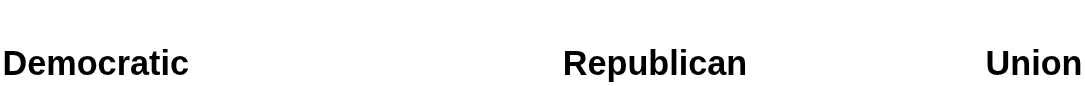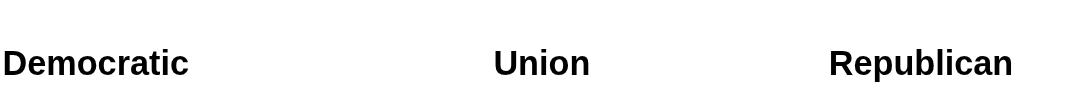 <table style="width:70%; text-align:center">
 <tr style="color:white">
 <td style="background:"><strong>44</strong></td>
 <td style="background:"><strong>1</strong></td>
+<td style="background:"><strong>30</strong></td>
 <td style="background:"><strong>108</strong></td>
-<td style="background:"><strong>30</strong></td>
 </tr>
 <tr>
 <td><span><strong>Democratic</strong></span></td>
 <td></td>
+<td><span><strong>Union</strong></span></td>
 <td><span><strong>Republican</strong></span></td>
-<td><span><strong>Union</strong></span></td>
 </tr>
 </table>
